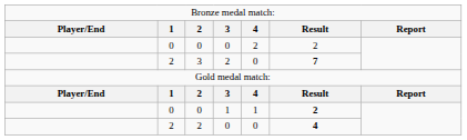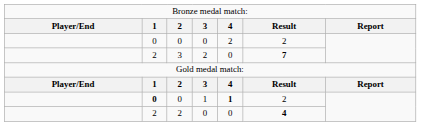 <table class="wikitable" style=font-size:85%;text-align:center;width:40%>
 <tr>
 <td colspan="7">Bronze medal match:</td>
 </tr>
 <tr>
 <th>Player/End</th>
 <th>1</th>
 <th>2</th>
 <th>3</th>
 <th>4</th>
 <th>Result</th>
 <th>Report</th>
 </tr>
 <tr>
 <td align=left></td>
 <td>0</td>
 <td>0</td>
 <td>0</td>
 <td>2</td>
 <td>2</td>
 <td rowspan="2"></td>
 </tr>
 <tr>
 <td align=left><strong></strong></td>
 <td>2</td>
 <td>3</td>
 <td>2</td>
 <td>0</td>
 <td><strong>7</strong></td>
 </tr>
 <tr>
 <td colspan="7">Gold medal match:</td>
 </tr>
 <tr>
 <th>Player/End</th>
 <th>1</th>
 <th>2</th>
 <th>3</th>
 <th>4</th>
 <th>Result</th>
 <th>Report</th>
 </tr>
 <tr>
 <td align=left></td>
-<td>0</td>
+<td><strong>0</strong></td>
 <td>0</td>
 <td>1</td>
-<td>1</td>
-<td><strong>2</strong></td>
+<td><strong>1</strong></td>
+<td>2</td>
 <td rowspan="2"></td>
 </tr>
 <tr>
 <td align=left><strong> </strong></td>
 <td>2</td>
 <td>2</td>
 <td>0</td>
 <td>0</td>
 <td><strong>4</strong></td>
 </tr>
 </table>
